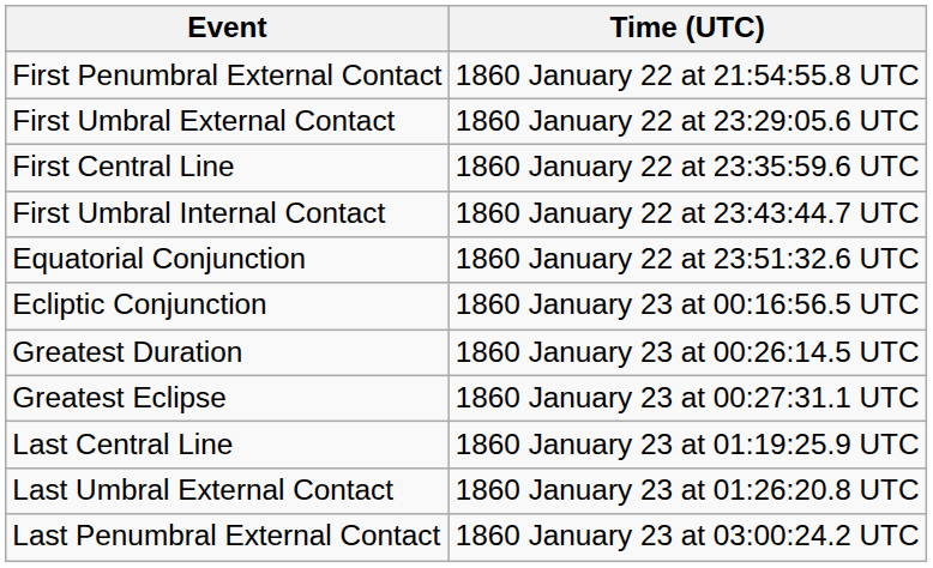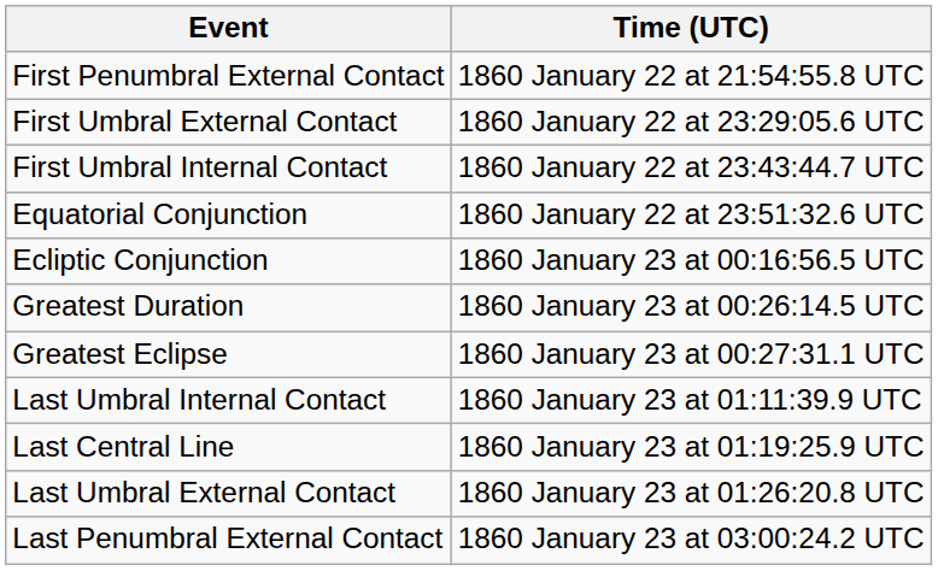 <table class="wikitable">
 <tr>
 <th>Event</th>
 <th>Time (UTC)</th>
 </tr>
 <tr>
 <td>First Penumbral External Contact</td>
 <td>1860 January 22 at 21:54:55.8 UTC</td>
 </tr>
 <tr>
 <td>First Umbral External Contact</td>
 <td>1860 January 22 at 23:29:05.6 UTC</td>
-</tr>
-<tr>
-<td>First Central Line</td>
-<td>1860 January 22 at 23:35:59.6 UTC</td>
 </tr>
 <tr>
 <td>First Umbral Internal Contact</td>
 <td>1860 January 22 at 23:43:44.7 UTC</td>
 </tr>
 <tr>
 <td>Equatorial Conjunction</td>
 <td>1860 January 22 at 23:51:32.6 UTC</td>
 </tr>
 <tr>
 <td>Ecliptic Conjunction</td>
 <td>1860 January 23 at 00:16:56.5 UTC</td>
 </tr>
 <tr>
 <td>Greatest Duration</td>
 <td>1860 January 23 at 00:26:14.5 UTC</td>
 </tr>
 <tr>
 <td>Greatest Eclipse</td>
 <td>1860 January 23 at 00:27:31.1 UTC</td>
 </tr>
 <tr>
+<td>Last Umbral Internal Contact</td>
+<td>1860 January 23 at 01:11:39.9 UTC</td>
+</tr>
+<tr>
 <td>Last Central Line</td>
 <td>1860 January 23 at 01:19:25.9 UTC</td>
 </tr>
 <tr>
 <td>Last Umbral External Contact</td>
 <td>1860 January 23 at 01:26:20.8 UTC</td>
 </tr>
 <tr>
 <td>Last Penumbral External Contact</td>
 <td>1860 January 23 at 03:00:24.2 UTC</td>
 </tr>
 </table>
